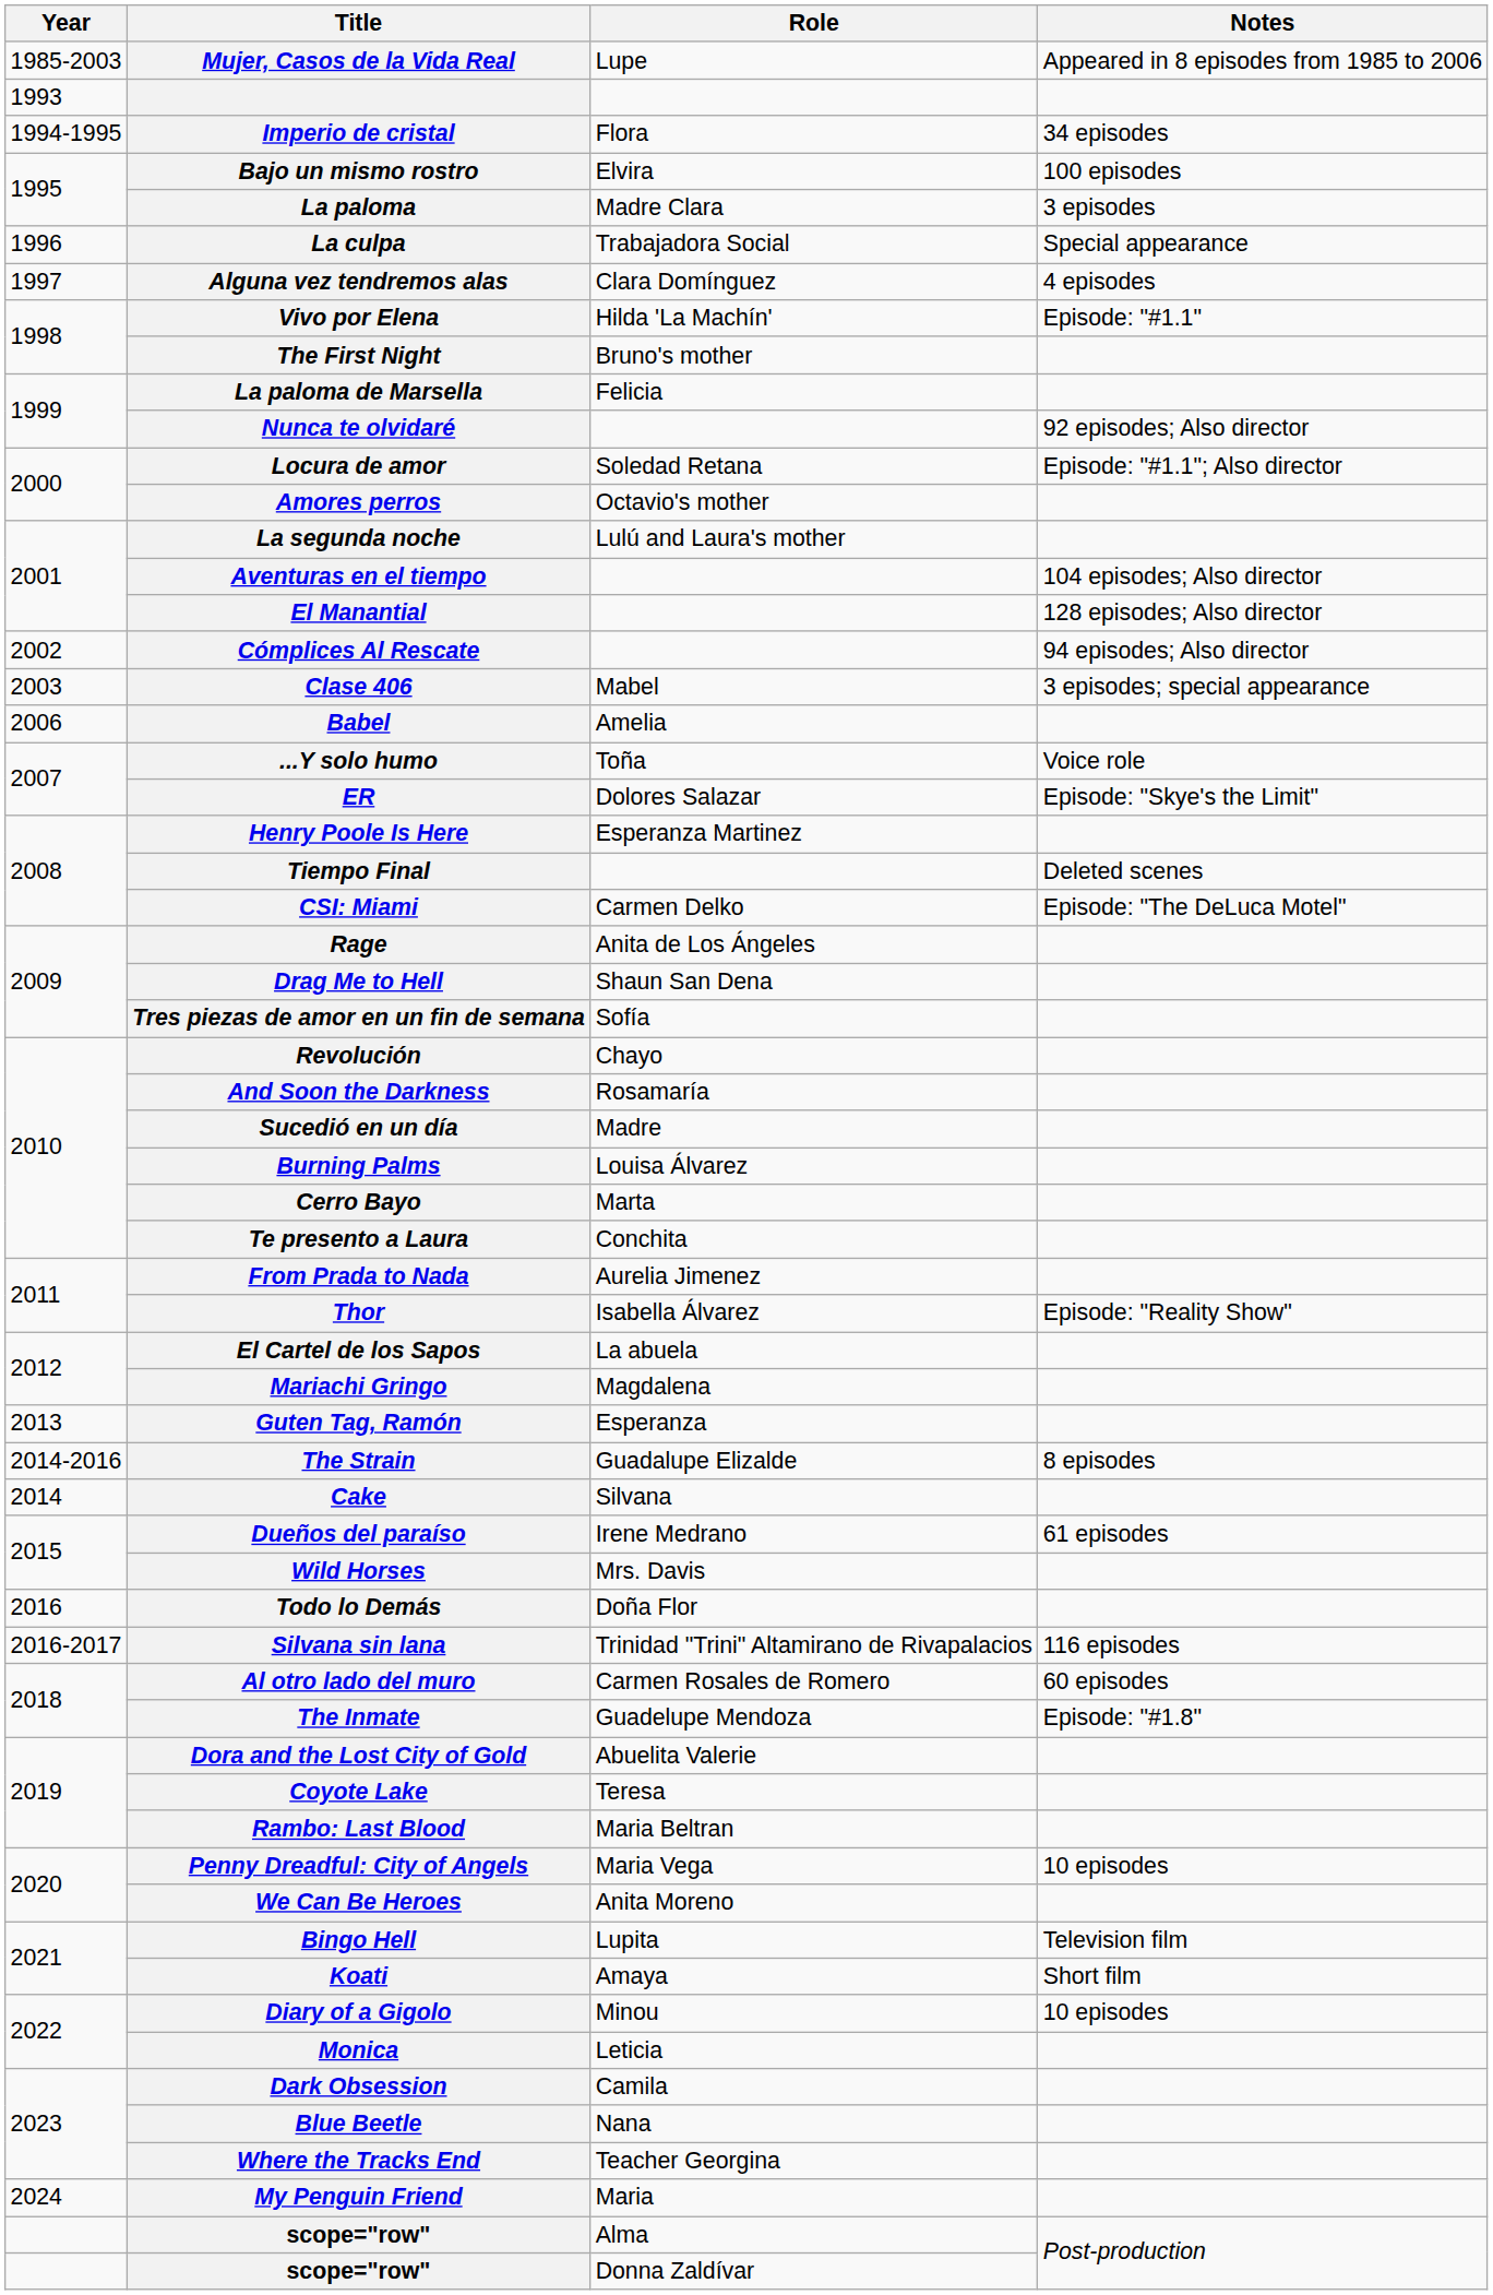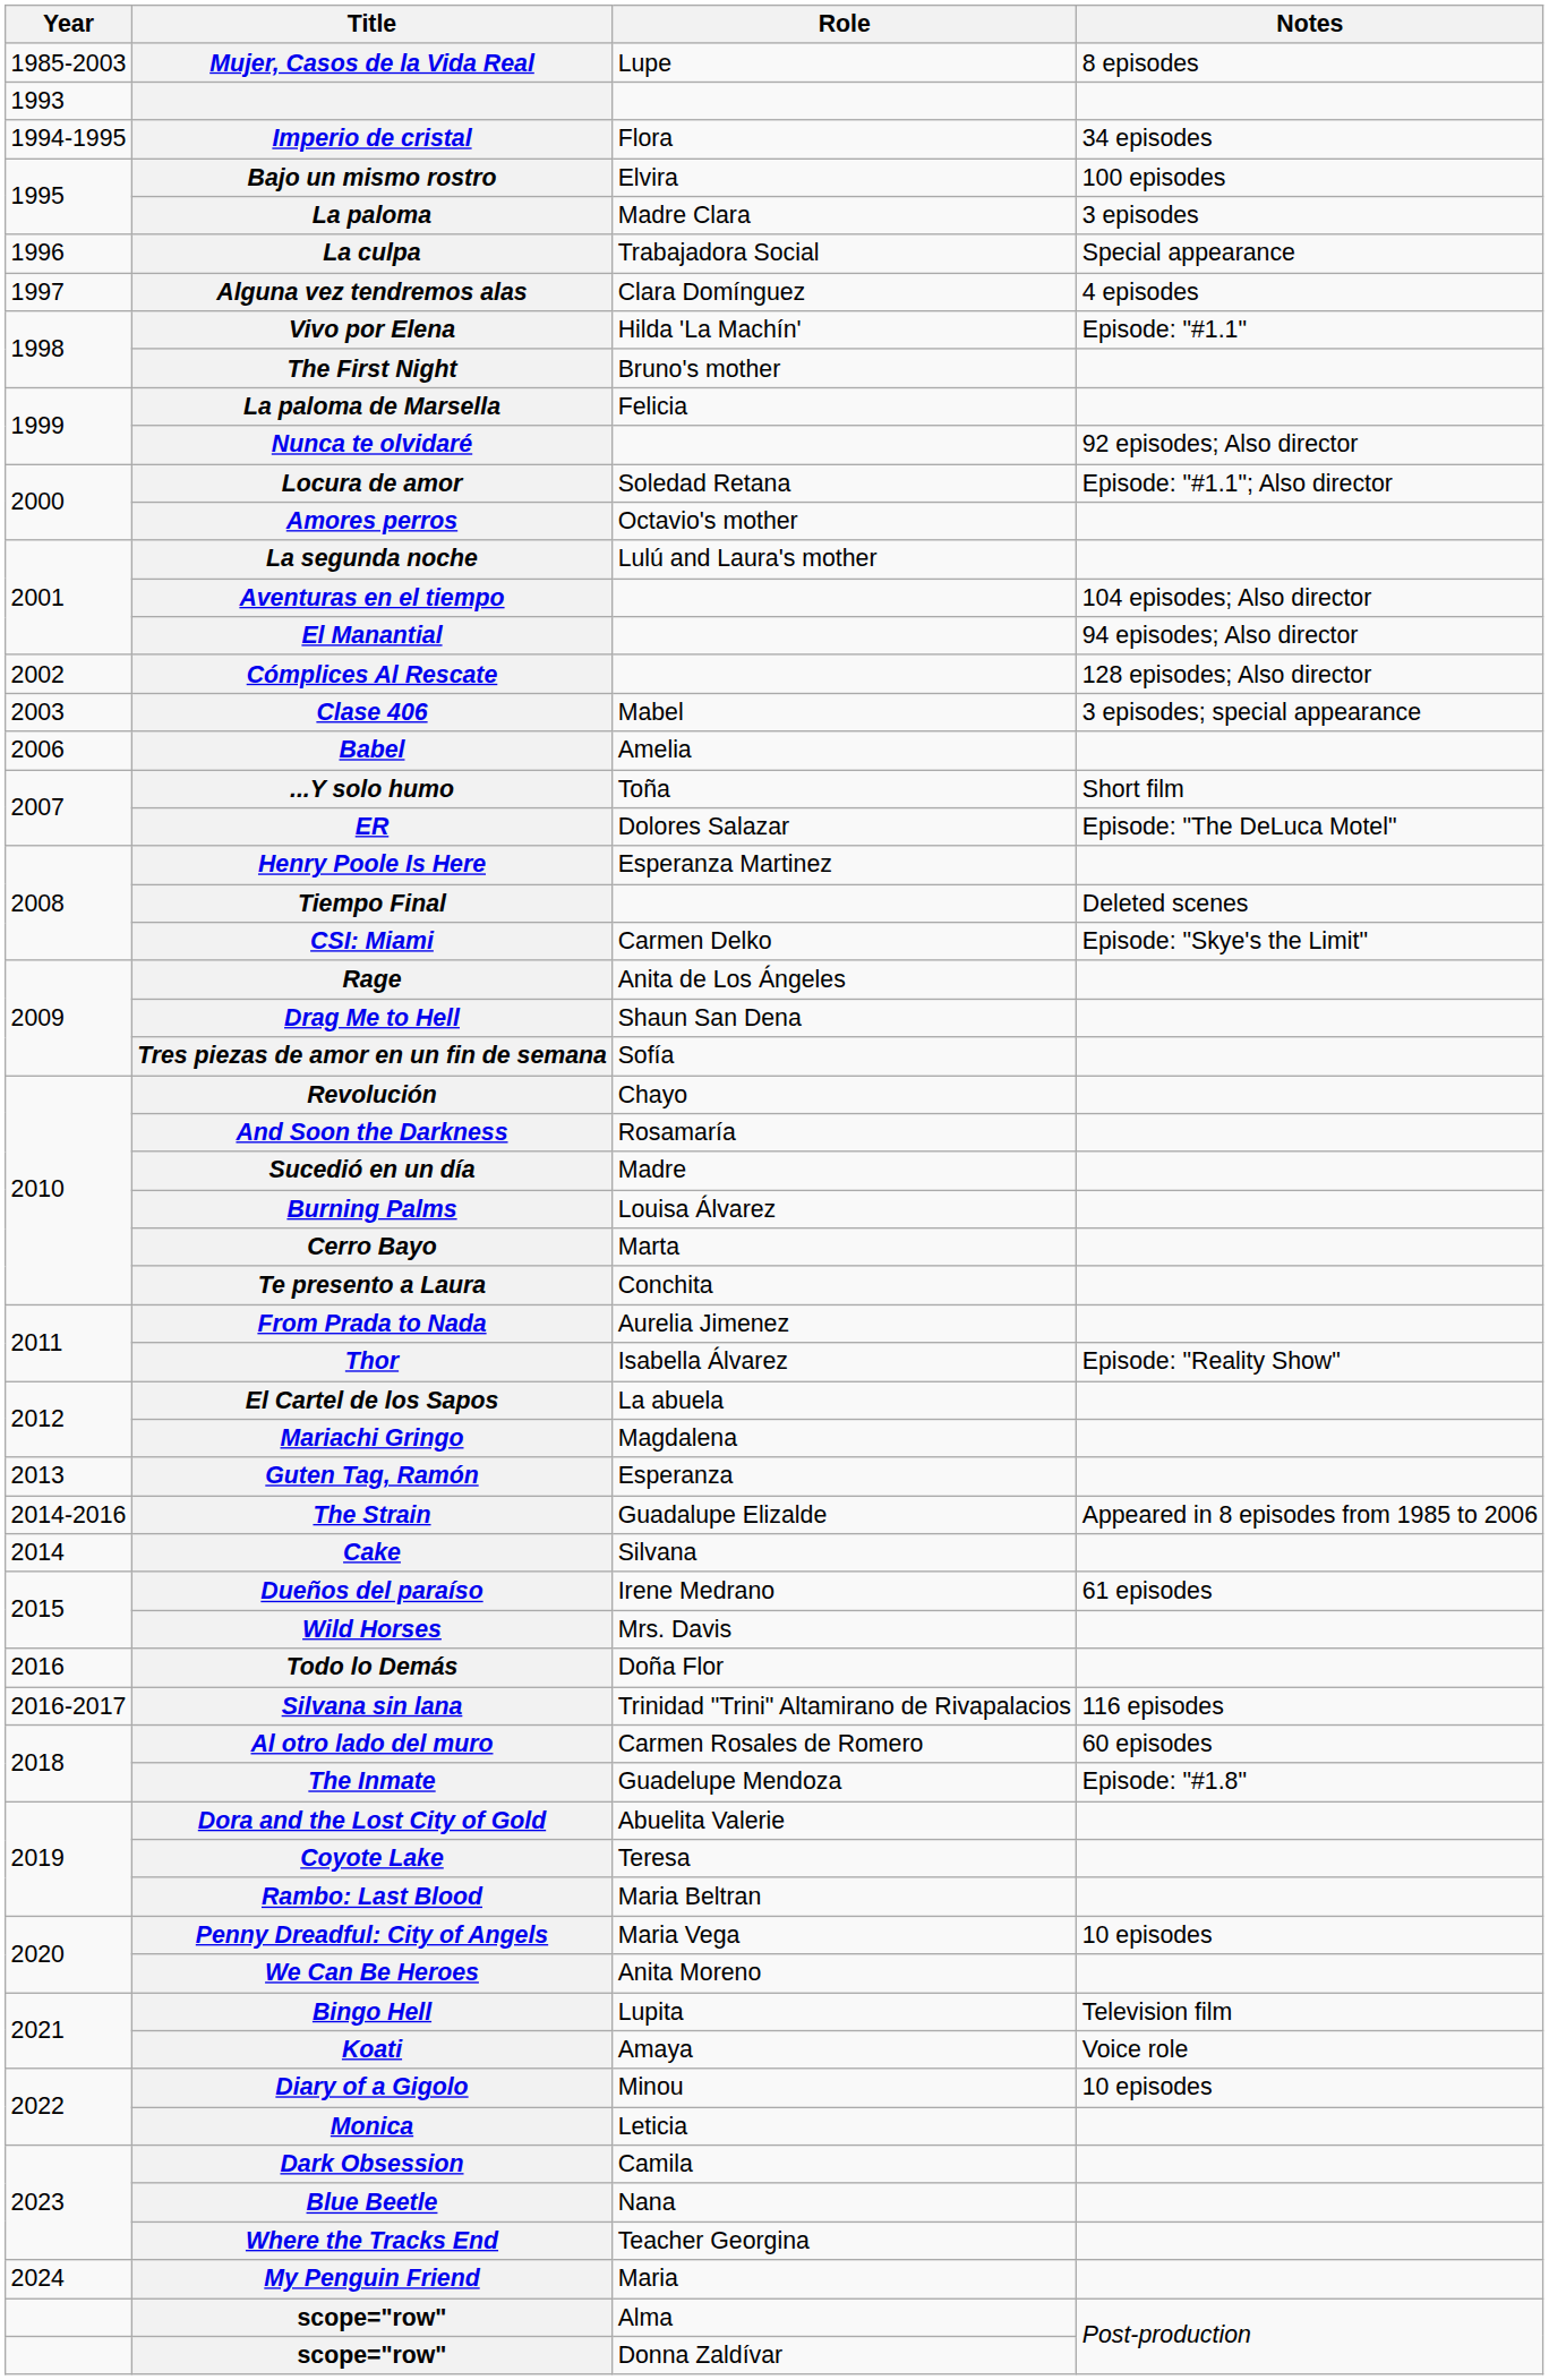 <table class="wikitable sortable plainrowheaders">
 <tr>
 <th scope="col">Year</th>
 <th scope="col">Title</th>
 <th scope="col">Role</th>
 <th scope="col" class="unsortable">Notes</th>
 </tr>
 <tr>
 <td>1985-2003</td>
 <th><em><a href='#'>Mujer, Casos de la Vida Real</a></em></th>
 <td>Lupe</td>
-<td>Appeared in 8 episodes from 1985 to 2006</td>
+<td>8 episodes</td>
 </tr>
 <tr>
 <td>1993</td>
 <th scope="row"><em></em></th>
 <td></td>
 <td></td>
 </tr>
 <tr>
 <td>1994-1995</td>
 <th><em><a href='#'>Imperio de cristal</a></em></th>
 <td>Flora</td>
 <td>34 episodes</td>
 </tr>
 <tr>
 <td rowspan="2">1995</td>
 <th scope="row"><em>Bajo un mismo rostro</em></th>
 <td>Elvira</td>
 <td>100 episodes</td>
 </tr>
 <tr>
 <th scope="row"><em>La paloma</em></th>
 <td>Madre Clara</td>
 <td>3 episodes</td>
 </tr>
 <tr>
 <td>1996</td>
 <th scope="row"><em>La culpa</em></th>
 <td>Trabajadora Social</td>
 <td>Special appearance</td>
 </tr>
 <tr>
 <td>1997</td>
 <th scope="row"><em>Alguna vez tendremos alas</em></th>
 <td>Clara Domínguez</td>
 <td>4 episodes</td>
 </tr>
 <tr>
 <td rowspan="2">1998</td>
 <th scope="row"><em>Vivo por Elena</em></th>
 <td>Hilda 'La Machín'</td>
 <td>Episode: "#1.1"</td>
 </tr>
 <tr>
 <th scope="row"><em>The First Night</em></th>
 <td>Bruno's mother</td>
 <td></td>
 </tr>
 <tr>
 <td rowspan="2">1999</td>
 <th scope="row"><em>La paloma de Marsella</em></th>
 <td>Felicia</td>
 <td></td>
 </tr>
 <tr>
 <th><em><a href='#'>Nunca te olvidaré</a></em></th>
 <td></td>
 <td>92 episodes; Also director</td>
 </tr>
 <tr>
 <td rowspan="2">2000</td>
 <th scope="row"><em>Locura de amor</em></th>
 <td>Soledad Retana</td>
 <td>Episode: "#1.1"; Also director</td>
 </tr>
 <tr>
 <th><em><a href='#'>Amores perros</a></em></th>
 <td>Octavio's mother</td>
 <td></td>
 </tr>
 <tr>
 <td rowspan="3">2001</td>
 <th scope="row"><em>La segunda noche</em></th>
 <td>Lulú and Laura's mother</td>
 <td></td>
 </tr>
 <tr>
 <th><em><a href='#'>Aventuras en el tiempo</a></em></th>
 <td></td>
 <td>104 episodes; Also director</td>
 </tr>
 <tr>
 <th><em><a href='#'>El Manantial</a></em></th>
 <td></td>
-<td>128 episodes; Also director</td>
+<td>94 episodes; Also director</td>
 </tr>
 <tr>
 <td>2002</td>
 <th><em><a href='#'>Cómplices Al Rescate</a></em></th>
 <td></td>
-<td>94 episodes; Also director</td>
+<td>128 episodes; Also director</td>
 </tr>
 <tr>
 <td>2003</td>
 <th><em><a href='#'>Clase 406</a></em></th>
 <td>Mabel</td>
 <td>3 episodes; special appearance</td>
 </tr>
 <tr>
 <td>2006</td>
 <th><em><a href='#'>Babel</a></em></th>
 <td>Amelia</td>
 <td></td>
 </tr>
 <tr>
 <td rowspan="2">2007</td>
 <th scope="row"><em>...Y solo humo</em></th>
 <td>Toña</td>
-<td>Voice role</td>
+<td>Short film</td>
 </tr>
 <tr>
 <th scope="row"><em><a href='#'>ER</a></em></th>
 <td>Dolores Salazar</td>
-<td>Episode: "Skye's the Limit"</td>
+<td>Episode: "The DeLuca Motel"</td>
 </tr>
 <tr>
 <td rowspan=3>2008</td>
 <th><em><a href='#'>Henry Poole Is Here</a></em></th>
 <td>Esperanza Martinez</td>
 <td></td>
 </tr>
 <tr>
 <th scope="row"><em>Tiempo Final</em></th>
 <td></td>
 <td>Deleted scenes</td>
 </tr>
 <tr>
 <th><em><a href='#'>CSI: Miami</a></em></th>
 <td>Carmen Delko</td>
-<td>Episode: "The DeLuca Motel"</td>
+<td>Episode: "Skye's the Limit"</td>
 </tr>
 <tr>
 <td rowspan="3">2009</td>
 <th scope="row"><em>Rage</em></th>
 <td>Anita de Los Ángeles</td>
 <td></td>
 </tr>
 <tr>
 <th><em><a href='#'>Drag Me to Hell</a></em></th>
 <td>Shaun San Dena</td>
 <td></td>
 </tr>
 <tr>
 <th scope="row"><em>Tres piezas de amor en un fin de semana</em></th>
 <td>Sofía</td>
 <td></td>
 </tr>
 <tr>
 <td rowspan="6">2010</td>
 <th scope="row"><em>Revolución</em></th>
 <td>Chayo</td>
 <td></td>
 </tr>
 <tr>
 <th><em><a href='#'>And Soon the Darkness</a></em></th>
 <td>Rosamaría</td>
 <td></td>
 </tr>
 <tr>
 <th scope="row"><em>Sucedió en un día</em></th>
 <td>Madre</td>
 <td></td>
 </tr>
 <tr>
 <th><em><a href='#'>Burning Palms</a></em></th>
 <td>Louisa Álvarez</td>
 <td></td>
 </tr>
 <tr>
 <th scope="row"><em>Cerro Bayo</em></th>
 <td>Marta</td>
 <td></td>
 </tr>
 <tr>
 <th scope="row"><em>Te presento a Laura</em></th>
 <td>Conchita</td>
 <td></td>
 </tr>
 <tr>
 <td rowspan="2">2011</td>
 <th><em><a href='#'>From Prada to Nada</a></em></th>
 <td>Aurelia Jimenez</td>
 <td></td>
 </tr>
 <tr>
 <th><em><a href='#'>Thor</a></em></th>
 <td>Isabella Álvarez</td>
 <td>Episode: "Reality Show"</td>
 </tr>
 <tr>
 <td rowspan="2">2012</td>
 <th scope="row"><em>El Cartel de los Sapos</em></th>
 <td>La abuela</td>
 <td></td>
 </tr>
 <tr>
 <th><em><a href='#'>Mariachi Gringo</a></em></th>
 <td>Magdalena</td>
 <td></td>
 </tr>
 <tr>
 <td>2013</td>
 <th><em><a href='#'>Guten Tag, Ramón</a></em></th>
 <td>Esperanza</td>
 <td></td>
 </tr>
 <tr>
 <td>2014-2016</td>
 <th><em><a href='#'>The Strain</a></em></th>
 <td>Guadalupe Elizalde</td>
-<td>8 episodes</td>
+<td>Appeared in 8 episodes from 1985 to 2006</td>
 </tr>
 <tr>
 <td>2014</td>
 <th><em><a href='#'>Cake</a></em></th>
 <td>Silvana</td>
 <td></td>
 </tr>
 <tr>
 <td rowspan="2">2015</td>
 <th><em><a href='#'>Dueños del paraíso</a></em></th>
 <td>Irene Medrano</td>
 <td>61 episodes</td>
 </tr>
 <tr>
 <th><em><a href='#'>Wild Horses</a></em></th>
 <td>Mrs. Davis</td>
 <td></td>
 </tr>
 <tr>
 <td>2016</td>
 <th scope="row"><em>Todo lo Demás</em></th>
 <td>Doña Flor</td>
 <td></td>
 </tr>
 <tr>
 <td>2016-2017</td>
 <th><em><a href='#'>Silvana sin lana</a></em></th>
 <td>Trinidad "Trini" Altamirano de Rivapalacios</td>
 <td>116 episodes</td>
 </tr>
 <tr>
 <td rowspan="2">2018</td>
 <th><em><a href='#'>Al otro lado del muro</a></em></th>
 <td>Carmen Rosales de Romero</td>
 <td>60 episodes</td>
 </tr>
 <tr>
 <th scope="row"><em><a href='#'>The Inmate</a></em></th>
 <td>Guadelupe Mendoza</td>
 <td>Episode: "#1.8"</td>
 </tr>
 <tr>
 <td rowspan="3">2019</td>
 <th><em><a href='#'>Dora and the Lost City of Gold</a></em></th>
 <td>Abuelita Valerie</td>
 <td></td>
 </tr>
 <tr>
 <th><em><a href='#'>Coyote Lake</a></em></th>
 <td>Teresa</td>
 <td></td>
 </tr>
 <tr>
 <th><em><a href='#'>Rambo: Last Blood</a></em></th>
 <td>Maria Beltran</td>
 <td></td>
 </tr>
 <tr>
 <td rowspan="2">2020</td>
 <th><em><a href='#'>Penny Dreadful: City of Angels</a></em></th>
 <td>Maria Vega</td>
 <td>10 episodes</td>
 </tr>
 <tr>
 <th><em><a href='#'>We Can Be Heroes</a></em></th>
 <td>Anita Moreno</td>
 <td></td>
 </tr>
 <tr>
 <td rowspan="2">2021</td>
 <th><em><a href='#'>Bingo Hell</a></em></th>
 <td>Lupita</td>
 <td>Television film</td>
 </tr>
 <tr>
 <th><em><a href='#'>Koati</a></em></th>
 <td>Amaya</td>
-<td>Short film</td>
+<td>Voice role</td>
 </tr>
 <tr>
 <td rowspan="2">2022</td>
 <th><em><a href='#'>Diary of a Gigolo</a></em></th>
 <td>Minou</td>
 <td>10 episodes</td>
 </tr>
 <tr>
 <th><em><a href='#'>Monica</a></em></th>
 <td>Leticia</td>
 <td></td>
 </tr>
 <tr>
 <td rowspan="3">2023</td>
 <th><em><a href='#'>Dark Obsession</a></em></th>
 <td>Camila</td>
 <td></td>
 </tr>
 <tr>
 <th><em><a href='#'>Blue Beetle</a></em></th>
 <td>Nana</td>
 <td></td>
 </tr>
 <tr>
 <th><em><a href='#'>Where the Tracks End</a></em></th>
 <td>Teacher Georgina</td>
 <td></td>
 </tr>
 <tr>
 <td>2024</td>
 <th><em><a href='#'>My Penguin Friend</a></em></th>
 <td>Maria</td>
 <td></td>
 </tr>
 <tr>
 <td></td>
 <th>scope="row" </th>
 <td>Alma</td>
 <td rowspan="2"><em>Post-production</em></td>
 </tr>
 <tr>
 <td></td>
 <th>scope="row" </th>
 <td>Donna Zaldívar</td>
 </tr>
 </table>
